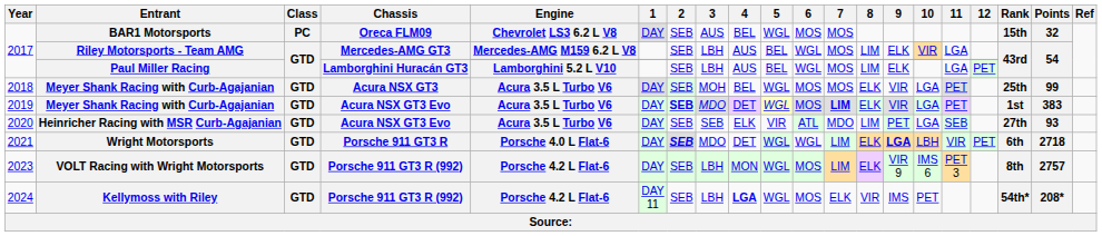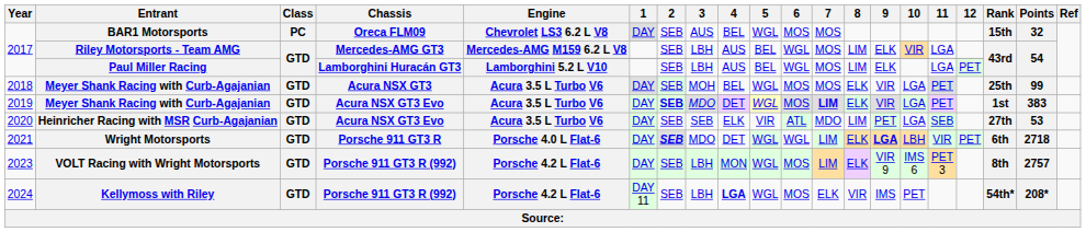 <table class="wikitable" style="text-align:center; font-size:90%">
 <tr>
 <th>Year</th>
 <th>Entrant</th>
 <th>Class</th>
 <th>Chassis</th>
 <th>Engine</th>
 <th>1</th>
 <th>2</th>
 <th>3</th>
 <th>4</th>
 <th>5</th>
 <th>6</th>
 <th>7</th>
 <th>8</th>
 <th>9</th>
 <th>10</th>
 <th>11</th>
 <th>12</th>
 <th>Rank</th>
 <th>Points</th>
 <th>Ref</th>
 </tr>
 <tr>
 <td rowspan="4"><a href='#'>2017</a></td>
 <th>BAR1 Motorsports</th>
 <th>PC</th>
 <th><a href='#'>Oreca FLM09</a></th>
 <th><a href='#'>Chevrolet</a> <a href='#'>LS3</a> 6.2 L <a href='#'>V8</a></th>
 <td style="background:#DFDFDF;”"><a href='#'>DAY</a><br></td>
 <td style="background:#;"><a href='#'>SEB</a><br></td>
 <td style="background:#;"><a href='#'>AUS</a><br></td>
 <td style="background:#;"><a href='#'>BEL</a><br></td>
 <td style="background:#;"><a href='#'>WGL</a><br></td>
 <td style="background:#;"><a href='#'>MOS</a><br></td>
 <td style="background:#;"><a href='#'>MOS</a><br></td>
 <td style="background:#;"></td>
 <td></td>
 <td></td>
 <td></td>
 <td></td>
 <th>15th</th>
 <th>32</th>
 <td rowspan="4"></td>
 </tr>
 <tr>
 <th><a href='#'>Riley Motorsports - Team AMG</a></th>
 <th rowspan="3">GTD</th>
 <th><a href='#'>Mercedes-AMG GT3</a></th>
 <th><a href='#'>Mercedes-AMG</a> <a href='#'>M159</a> 6.2 L <a href='#'>V8</a></th>
 <td style="background:#;"></td>
 <td style="background:#;"><a href='#'>SEB</a></td>
 <td style="background:#;"><a href='#'>LBH</a><br></td>
 <td style="background:#;"><a href='#'>AUS</a><br></td>
 <td style="background:#;"><a href='#'>BEL</a><br></td>
 <td style="background:#;"><a href='#'>WGL</a><br></td>
 <td style="background:#;"><a href='#'>MOS</a><br></td>
 <td style="background:#;"><a href='#'>LIM</a></td>
 <td style="background:#;"><a href='#'>ELK</a><br></td>
 <td style="background:#FFDF9F;”"><a href='#'>VIR</a><br></td>
 <td style="background:#;"><a href='#'>LGA</a><br></td>
 <td style="background:#;"></td>
 <th rowspan="3">43rd</th>
 <th rowspan="3">54</th>
 </tr>
 <tr>
 <th rowspan=2><a href='#'>Paul Miller Racing</a></th>
 <th rowspan=2><a href='#'>Lamborghini Huracán GT3</a></th>
 </tr>
 <tr>
 <th><a href='#'>Lamborghini</a> 5.2 L <a href='#'>V10</a></th>
 <td style="background:#;"></td>
 <td style="background:#;"><a href='#'>SEB</a><br></td>
 <td style="background:#;"><a href='#'>LBH</a><br></td>
 <td style="background:#;"><a href='#'>AUS</a><br></td>
 <td style="background:#;"><a href='#'>BEL</a><br></td>
 <td style="background:#;"><a href='#'>WGL</a><br></td>
 <td style="background:#;"><a href='#'>MOS</a><br></td>
 <td style="background:#;"><a href='#'>LIM</a><br></td>
 <td style="background:#;"><a href='#'>ELK</a><br></td>
 <td style="background:#;"></td>
 <td style="background:#;"><a href='#'>LGA</a><br></td>
 <td style="background:#DFFFDF;"><a href='#'>PET</a><br></td>
 </tr>
 <tr>
 <td><a href='#'>2018</a></td>
 <th><a href='#'>Meyer Shank Racing</a> with <a href='#'>Curb-Agajanian</a></th>
 <th>GTD</th>
 <th><a href='#'>Acura NSX GT3</a></th>
 <th><a href='#'>Acura</a> 3.5 L <a href='#'>Turbo</a> <a href='#'>V6</a></th>
 <td style="background:#DFDFDF;”"><a href='#'>DAY</a><br></td>
 <td style="background:#DFFFDF;"><a href='#'>SEB</a><br></td>
 <td style="background:#;"><a href='#'>MOH</a><br></td>
 <td style="background:#;"><a href='#'>BEL</a><br></td>
 <td style="background:#;"><a href='#'>WGL</a><br></td>
 <td style="background:#;"><a href='#'>MOS</a><br></td>
 <td style="background:#;"><a href='#'>MOS</a><br></td>
 <td style="background:#;"><a href='#'>ELK</a><br></td>
 <td style="background:#;"><a href='#'>VIR</a><br></td>
 <td style="background:#;"><a href='#'>LGA</a><br></td>
 <td style="background:#DFDFDF;”"><a href='#'>PET</a><br></td>
 <td></td>
 <th>25th</th>
 <th>99</th>
 <td></td>
 </tr>
 <tr>
 <td><a href='#'>2019</a></td>
 <th><a href='#'>Meyer Shank Racing</a> with <a href='#'>Curb-Agajanian</a></th>
 <th>GTD</th>
 <th><a href='#'>Acura NSX GT3 Evo</a></th>
 <th><a href='#'>Acura</a> 3.5 L <a href='#'>Turbo</a> <a href='#'>V6</a></th>
 <td style="background:#DFFFDF;"><a href='#'>DAY</a><br></td>
 <td style="background:#DFFFDF;"><strong><a href='#'>SEB</a><br></strong></td>
 <td style="background:#DFDFDF;”"><em><a href='#'>MDO</a><br></em></td>
 <td style="background:#EFCFFF;"><a href='#'>DET</a><br></td>
 <td style="background:#FFFFBF;”"><em><a href='#'>WGL</a><br></em></td>
 <td style="background:#DFDFDF;”"><a href='#'>MOS</a><br></td>
 <td style="background:#DFDFDF;”"><strong><a href='#'>LIM</a><br></strong></td>
 <td style="background:#DFFFDF;"><a href='#'>ELK</a><br></td>
 <td style="background:#DFDFDF;”"><a href='#'>VIR</a><br></td>
 <td style="background:#DFFFDF;"><a href='#'>LGA</a><br></td>
 <td style="background:#EFCFFF;"><a href='#'>PET</a><br></td>
 <td></td>
 <th>1st</th>
 <th>383</th>
 <td></td>
 </tr>
 <tr>
 <td><a href='#'>2020</a></td>
 <th>Heinricher Racing with <a href='#'>MSR</a> <a href='#'>Curb-Agajanian</a></th>
 <th>GTD</th>
 <th><a href='#'>Acura NSX GT3 Evo</a></th>
 <th><a href='#'>Acura</a> 3.5 L <a href='#'>Turbo</a> <a href='#'>V6</a></th>
 <td style="background:#DFFFDF;"><a href='#'>DAY</a><br></td>
 <td style="background:#;"><a href='#'>SEB</a></td>
 <td style="background:#;"><a href='#'>SEB</a><br></td>
 <td style="background:#;"><a href='#'>ELK</a><br></td>
 <td style="background:#;"><a href='#'>VIR</a><br></td>
 <td style="background:#DFFFDF;"><a href='#'>ATL</a><br></td>
 <td style="background:#;"><a href='#'>MDO</a><br></td>
 <td style="background:#;"><a href='#'>LIM</a></td>
 <td style="background:#DFFFDF;"><a href='#'>PET</a><br></td>
 <td style="background:#;"><a href='#'>LGA</a><br></td>
 <td style="background:#DFFFDF;"><a href='#'>SEB</a><br></td>
 <td></td>
 <th>27th</th>
-<th>93</th>
+<th>53</th>
 <td></td>
 </tr>
 <tr>
 <td><a href='#'>2021</a></td>
 <th>Wright Motorsports</th>
 <th>GTD</th>
 <th><a href='#'>Porsche 911 GT3 R</a></th>
 <th><a href='#'>Porsche</a> 4.0 L <a href='#'>Flat-6</a></th>
 <td style="background:#DFFFDF;"><a href='#'>DAY</a><br></td>
 <td style="background:#DFDFDF;”"><strong><em><a href='#'>SEB</a><br></em></strong></td>
 <td style="background:#;"><a href='#'>MDO</a><br></td>
 <td style="background:#;"><a href='#'>DET</a><br></td>
 <td style="background:#DFFFDF;"><a href='#'>WGL</a><br></td>
 <td style="background:#;"><a href='#'>WGL</a><br></td>
 <td style="background:#DFFFDF;"><a href='#'>LIM</a><br></td>
 <td style="background:#FFDF9F;”"><a href='#'>ELK</a><br></td>
 <td style="background:#FFDF9F;”"><strong><a href='#'>LGA</a><br></strong></td>
 <td style="background:#FFDF9F;”"><a href='#'>LBH</a><br></td>
 <td style="background:#DFFFDF;"><a href='#'>VIR</a><br></td>
 <td style="background:#DFFFDF;"><a href='#'>PET</a><br></td>
 <th>6th</th>
 <th>2718</th>
 <td></td>
 </tr>
 <tr>
 <td><a href='#'>2023</a></td>
 <th>VOLT Racing with Wright Motorsports</th>
 <th>GTD</th>
 <th><a href='#'>Porsche 911 GT3 R (992)</a></th>
 <th><a href='#'>Porsche</a> 4.2 L <a href='#'>Flat-6</a></th>
 <td style="background:#DFFFDF;"><a href='#'>DAY</a><br></td>
 <td style="background:#DFFFDF;"><a href='#'>SEB</a><br></td>
 <td style="background:#DFFFDF;"><a href='#'>LBH</a><br></td>
 <td style="background:#DFFFDF;"><a href='#'>MON</a><br></td>
 <td style="background:#DFFFDF;"><a href='#'>WGL</a><br></td>
 <td style="background:#DFFFDF;"><a href='#'>MOS</a><br></td>
 <td style="background:#FFDF9F;”"><a href='#'>LIM</a><br></td>
 <td style="background:#EFCFFF;"><a href='#'>ELK</a><br></td>
 <td style="background:#DFFFDF;"><a href='#'>VIR</a><br>9</td>
 <td style="background:#DFFFDF;"><a href='#'>IMS</a><br>6</td>
 <td style="background:#FFDF9F;”"><a href='#'>PET</a><br>3</td>
 <td></td>
 <th>8th</th>
 <th>2757</th>
 <td></td>
 </tr>
 <tr>
 <td><a href='#'>2024</a></td>
 <th><a href='#'>Kellymoss with Riley</a></th>
 <th>GTD</th>
 <th><a href='#'>Porsche 911 GT3 R (992)</a></th>
 <th><a href='#'>Porsche</a> 4.2 L <a href='#'>Flat-6</a></th>
 <td style="background:#DFFFDF;"><a href='#'>DAY</a><br>11</td>
 <td><a href='#'>SEB</a></td>
 <td><a href='#'>LBH</a></td>
 <td><strong><a href='#'>LGA</a></strong></td>
 <td><a href='#'>WGL</a></td>
 <td><a href='#'>MOS</a></td>
 <td><a href='#'>ELK</a></td>
 <td><a href='#'>VIR</a></td>
 <td><a href='#'>IMS</a></td>
 <td><a href='#'>PET</a></td>
 <td></td>
 <td></td>
 <th>54th*</th>
 <th>208*</th>
 <td></td>
 </tr>
 <tr>
 <th colspan="20">Source:</th>
 </tr>
 </table>
